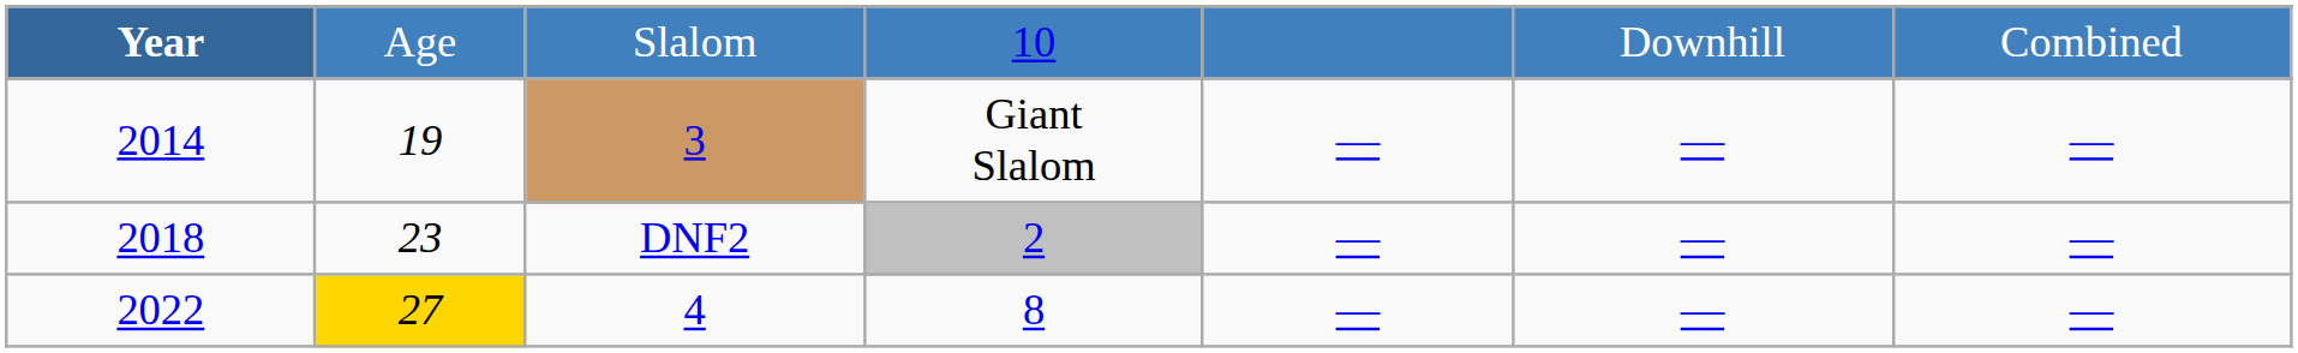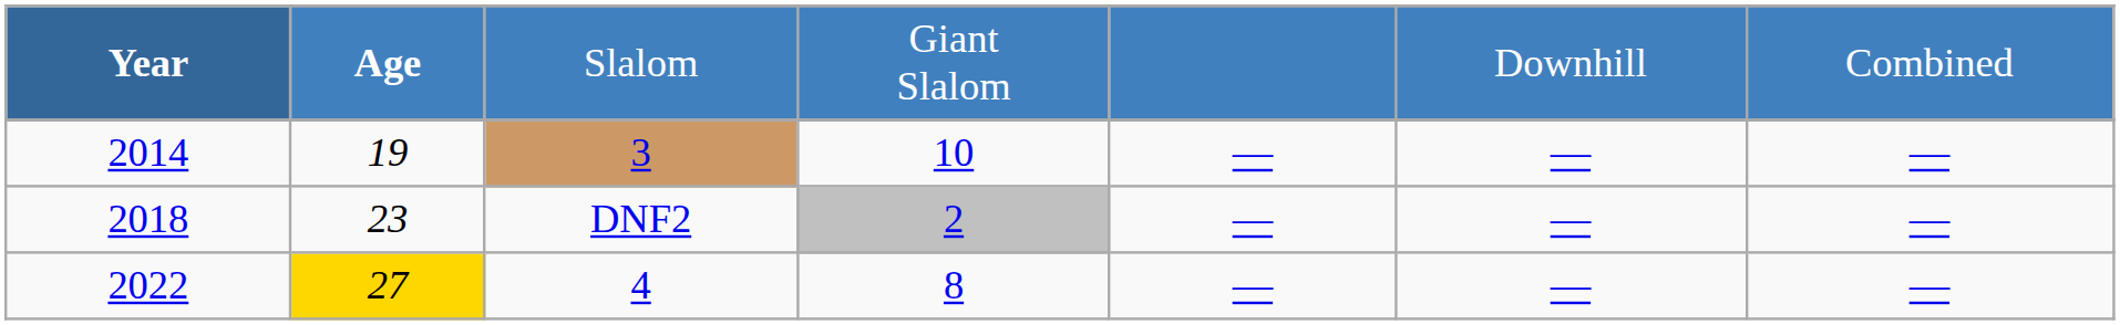 <table class="wikitable" style="font-size:95%; text-align:center; border:grey solid 1px; border-collapse:collapse;" width="40%">
 <tr style="background-color:#369; color:white;">
 <td rowspan="2" colspan="1" width="5%"><strong>Year</strong></td>
 </tr>
 <tr style="background-color:#4180be; color:white;">
-<td width="3%">Age</td>
+<td width="3%"><strong>Age</strong></td>
 <td width="5%">Slalom</td>
-<td><a href='#'>10</a></td>
+<td width="5%">Giant<br>Slalom</td>
 <td width="5%"></td>
 <td width="5%">Downhill</td>
 <td width="5%">Combined</td>
 </tr>
 <tr style="background-color:#8CB2D8; color:white;">
 </tr>
 <tr>
 <td><a href='#'>2014</a></td>
 <td><em>19</em></td>
 <td style="background:#c96;"><a href='#'>3</a></td>
-<td width="5%">Giant<br>Slalom</td>
+<td><a href='#'>10</a></td>
 <td><a href='#'>—</a></td>
 <td><a href='#'>—</a></td>
 <td><a href='#'>—</a></td>
 </tr>
 <tr>
 <td><a href='#'>2018</a></td>
 <td><em>23</em></td>
 <td><a href='#'>DNF2</a></td>
 <td style="background:silver;"><a href='#'>2</a></td>
 <td><a href='#'>—</a></td>
 <td><a href='#'>—</a></td>
 <td><a href='#'>—</a></td>
 </tr>
 <tr>
 <td><a href='#'>2022</a></td>
 <td style="background: gold;"><em>27</em></td>
 <td><a href='#'>4</a></td>
 <td><a href='#'>8</a></td>
 <td><a href='#'>—</a></td>
 <td><a href='#'>—</a></td>
 <td><a href='#'>—</a></td>
 </tr>
 </table>
